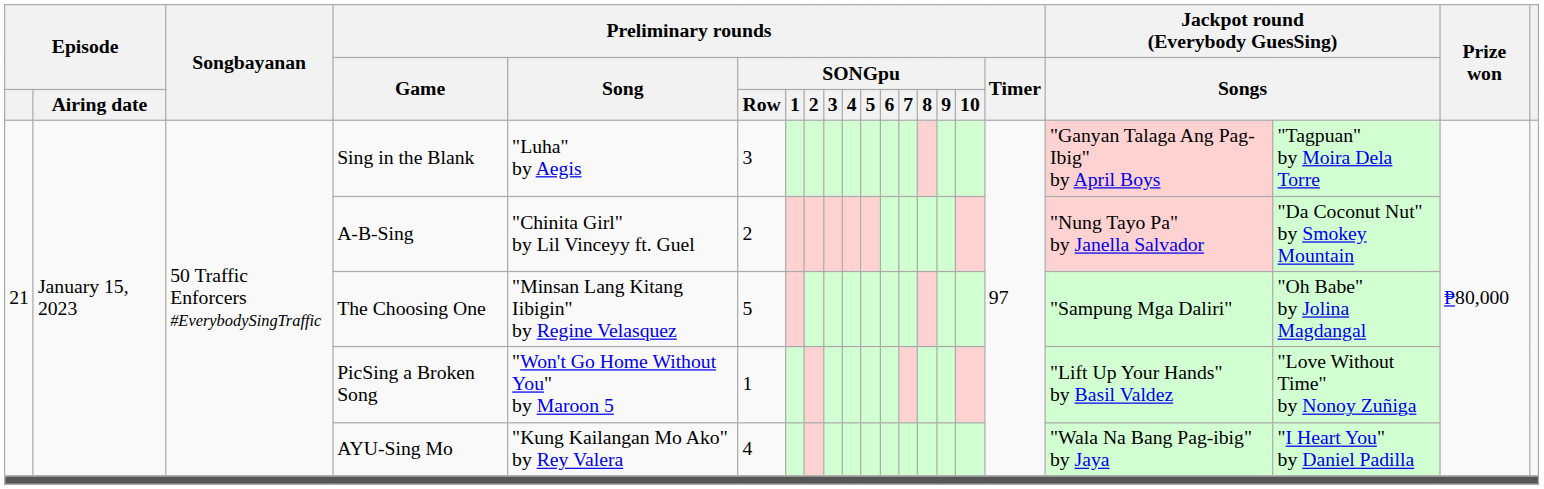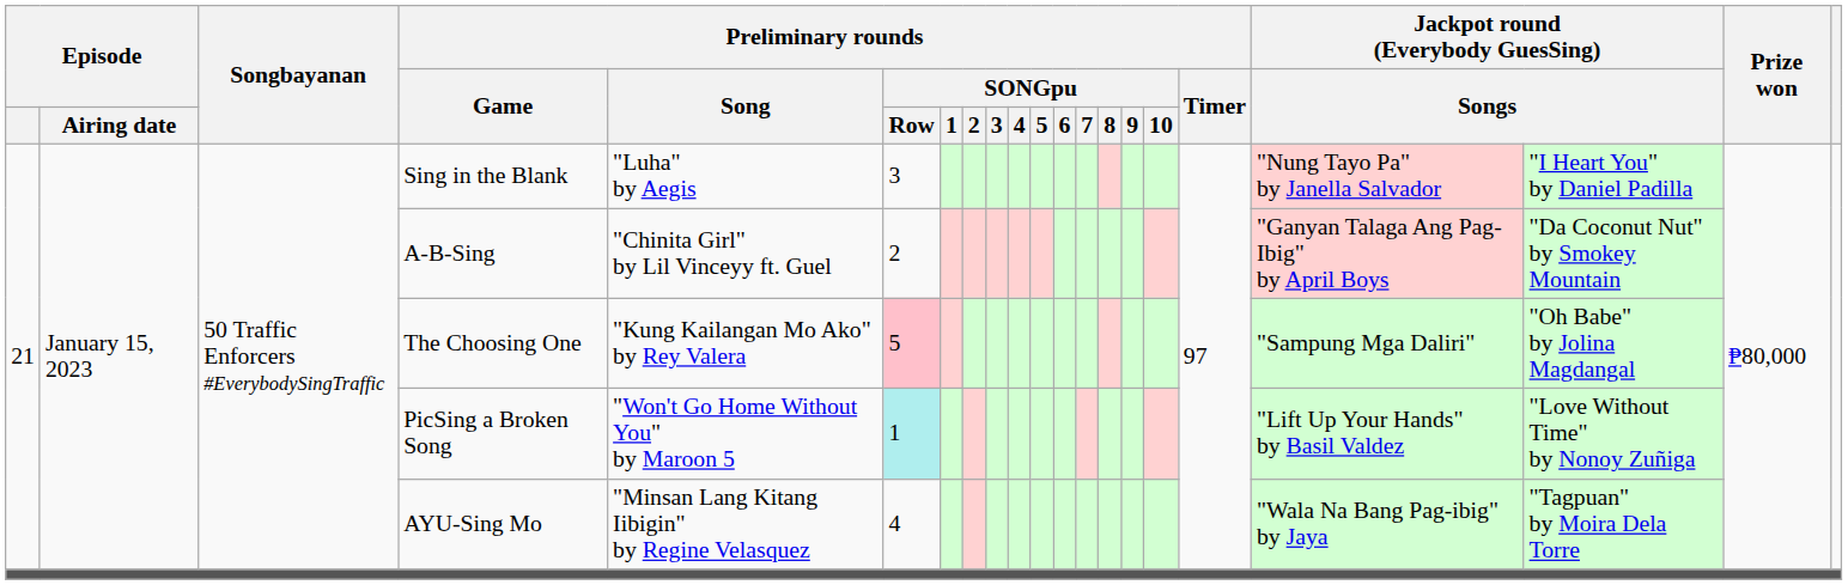 <table class="wikitable plainrowheaders mw-collapsible ">
 <tr>
 <th colspan="2" rowspan="2">Episode</th>
 <th rowspan="3">Songbayanan</th>
 <th colspan="14">Preliminary rounds</th>
 <th colspan="2">Jackpot round<br>(Everybody GuesSing)</th>
 <th rowspan="3">Prize won</th>
 <th rowspan="3"></th>
 </tr>
 <tr>
 <th rowspan="2">Game</th>
 <th rowspan="2">Song</th>
 <th colspan="11">SONGpu</th>
 <th rowspan="2">Timer</th>
 <th colspan="2" rowspan="2">Songs</th>
 </tr>
 <tr>
 <th></th>
 <th>Airing date</th>
 <th>Row</th>
 <th>1</th>
 <th>2</th>
 <th>3</th>
 <th>4</th>
 <th>5</th>
 <th>6</th>
 <th>7</th>
 <th>8</th>
 <th>9</th>
 <th>10</th>
 </tr>
 <tr>
 <td rowspan="5">21</td>
 <td rowspan="5">January 15, 2023</td>
 <td rowspan="5">50 Traffic Enforcers<br><small><em>#EverybodySingTraffic</em></small></td>
 <td>Sing in the Blank</td>
 <td>"Luha"<br>by <a href='#'>Aegis</a></td>
 <td>3</td>
 <td style="background:#D2FFD2"></td>
 <td style="background:#D2FFD2"></td>
 <td style="background:#D2FFD2"></td>
 <td style="background:#D2FFD2"></td>
 <td style="background:#D2FFD2"></td>
 <td style="background:#D2FFD2"></td>
 <td style="background:#D2FFD2"></td>
 <td style="background:#FFD2D2"></td>
 <td style="background:#D2FFD2"></td>
 <td style="background:#D2FFD2"></td>
 <td rowspan="5">97 </td>
-<td style="background:#FFD2D2">"Ganyan Talaga Ang Pag-Ibig"<br>by <a href='#'>April Boys</a></td>
-<td style="background:#D2FFD2">"Tagpuan"<br>by <a href='#'>Moira Dela Torre</a></td>
+<td style="background:#FFD2D2">"Nung Tayo Pa"<br>by <a href='#'>Janella Salvador</a></td>
+<td style="background:#D2FFD2">"<a href='#'>I Heart You</a>"<br>by <a href='#'>Daniel Padilla</a></td>
 <td rowspan="5"><a href='#'>₱</a>80,000</td>
 <td rowspan="5"></td>
 </tr>
 <tr>
 <td>A-B-Sing</td>
 <td>"Chinita Girl"<br>by Lil Vinceyy ft. Guel</td>
 <td>2</td>
 <td style="background:#FFD2D2"></td>
 <td style="background:#FFD2D2"></td>
 <td style="background:#FFD2D2"></td>
 <td style="background:#FFD2D2"></td>
 <td style="background:#FFD2D2"></td>
 <td style="background:#D2FFD2"></td>
 <td style="background:#D2FFD2"></td>
 <td style="background:#D2FFD2"></td>
 <td style="background:#D2FFD2"></td>
 <td style="background:#FFD2D2"></td>
-<td style="background:#FFD2D2">"Nung Tayo Pa"<br>by <a href='#'>Janella Salvador</a></td>
+<td style="background:#FFD2D2">"Ganyan Talaga Ang Pag-Ibig"<br>by <a href='#'>April Boys</a></td>
 <td style="background:#D2FFD2">"Da Coconut Nut"<br>by <a href='#'>Smokey Mountain</a></td>
 </tr>
 <tr>
 <td>The Choosing One</td>
-<td>"Minsan Lang Kitang Iibigin"<br>by <a href='#'>Regine Velasquez</a></td>
-<td>5</td>
+<td>"Kung Kailangan Mo Ako"<br>by <a href='#'>Rey Valera</a></td>
+<td style="background: pink;">5</td>
 <td style="background:#FFD2D2"></td>
 <td style="background:#D2FFD2"></td>
 <td style="background:#D2FFD2"></td>
 <td style="background:#D2FFD2"></td>
 <td style="background:#D2FFD2"></td>
 <td style="background:#D2FFD2"></td>
 <td style="background:#D2FFD2"></td>
 <td style="background:#FFD2D2"></td>
 <td style="background:#D2FFD2"></td>
 <td style="background:#D2FFD2"></td>
 <td style="background:#D2FFD2">"Sampung Mga Daliri"</td>
 <td style="background:#D2FFD2">"Oh Babe"<br>by <a href='#'>Jolina Magdangal</a></td>
 </tr>
 <tr>
 <td>PicSing a Broken Song</td>
 <td>"<a href='#'>Won't Go Home Without You</a>"<br>by <a href='#'>Maroon 5</a></td>
-<td>1</td>
+<td style="background: paleturquoise;">1</td>
 <td style="background:#D2FFD2"></td>
 <td style="background:#FFD2D2"></td>
 <td style="background:#D2FFD2"></td>
 <td style="background:#D2FFD2"></td>
 <td style="background:#D2FFD2"></td>
 <td style="background:#D2FFD2"></td>
 <td style="background:#FFD2D2"></td>
 <td style="background:#D2FFD2"></td>
 <td style="background:#D2FFD2"></td>
 <td style="background:#FFD2D2"></td>
 <td style="background:#D2FFD2">"Lift Up Your Hands"<br>by <a href='#'>Basil Valdez</a></td>
 <td style="background:#D2FFD2">"Love Without Time"<br>by <a href='#'>Nonoy Zuñiga</a></td>
 </tr>
 <tr>
 <td>AYU-Sing Mo</td>
-<td>"Kung Kailangan Mo Ako"<br>by <a href='#'>Rey Valera</a></td>
+<td>"Minsan Lang Kitang Iibigin"<br>by <a href='#'>Regine Velasquez</a></td>
 <td>4</td>
 <td style="background:#D2FFD2"></td>
 <td style="background:#FFD2D2"></td>
 <td style="background:#D2FFD2"></td>
 <td style="background:#D2FFD2"></td>
 <td style="background:#D2FFD2"></td>
 <td style="background:#D2FFD2"></td>
 <td style="background:#D2FFD2"></td>
 <td style="background:#D2FFD2"></td>
 <td style="background:#D2FFD2"></td>
 <td style="background:#D2FFD2"></td>
 <td style="background:#D2FFD2">"Wala Na Bang Pag-ibig"<br>by <a href='#'>Jaya</a></td>
-<td style="background:#D2FFD2">"<a href='#'>I Heart You</a>"<br>by <a href='#'>Daniel Padilla</a></td>
+<td style="background:#D2FFD2">"Tagpuan"<br>by <a href='#'>Moira Dela Torre</a></td>
 </tr>
 <tr>
 <th colspan="21" style="background:#555;"></th>
 </tr>
 <tr>
 </tr>
 </table>
